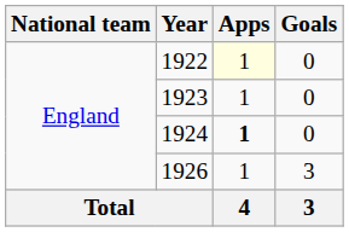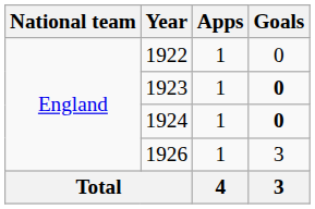 <table class="wikitable" style="text-align: center;">
 <tr>
 <th>National team</th>
 <th>Year</th>
 <th>Apps</th>
 <th>Goals</th>
 </tr>
 <tr>
 <td rowspan="4"><a href='#'>England</a></td>
 <td>1922</td>
-<td style="background: lightyellow;">1</td>
+<td>1</td>
 <td>0</td>
 </tr>
 <tr>
 <td>1923</td>
 <td>1</td>
-<td>0</td>
+<td><strong>0</strong></td>
 </tr>
 <tr>
 <td>1924</td>
-<td><strong>1</strong></td>
-<td>0</td>
+<td>1</td>
+<td><strong>0</strong></td>
 </tr>
 <tr>
 <td>1926</td>
 <td>1</td>
 <td>3</td>
 </tr>
 <tr>
 <th colspan="2">Total</th>
 <th>4</th>
 <th>3</th>
 </tr>
 </table>
